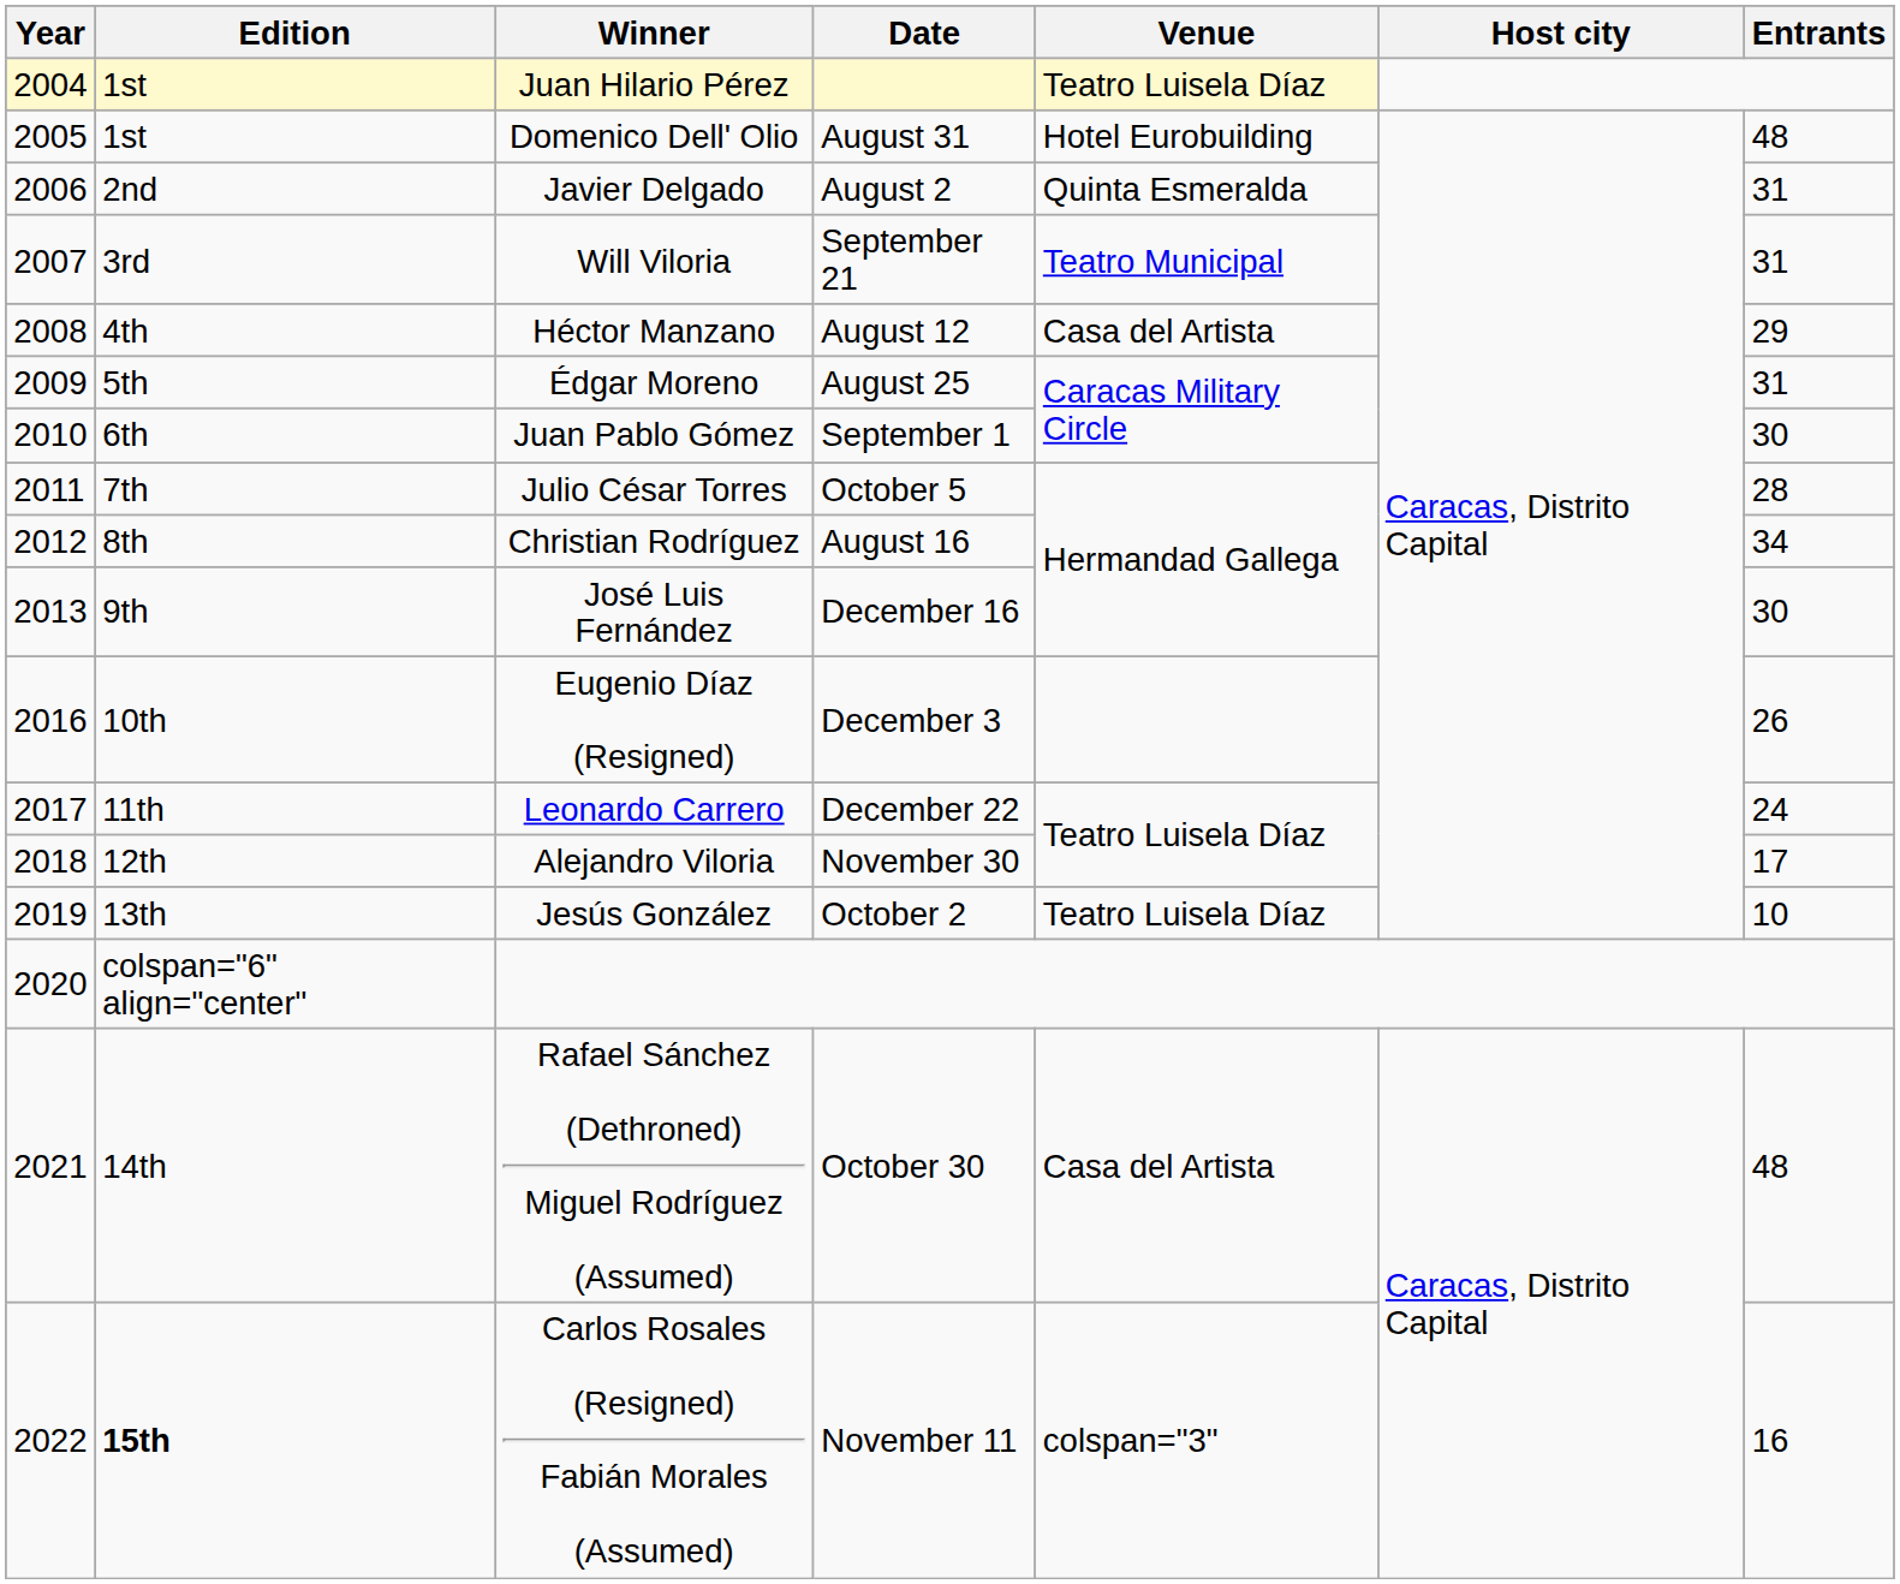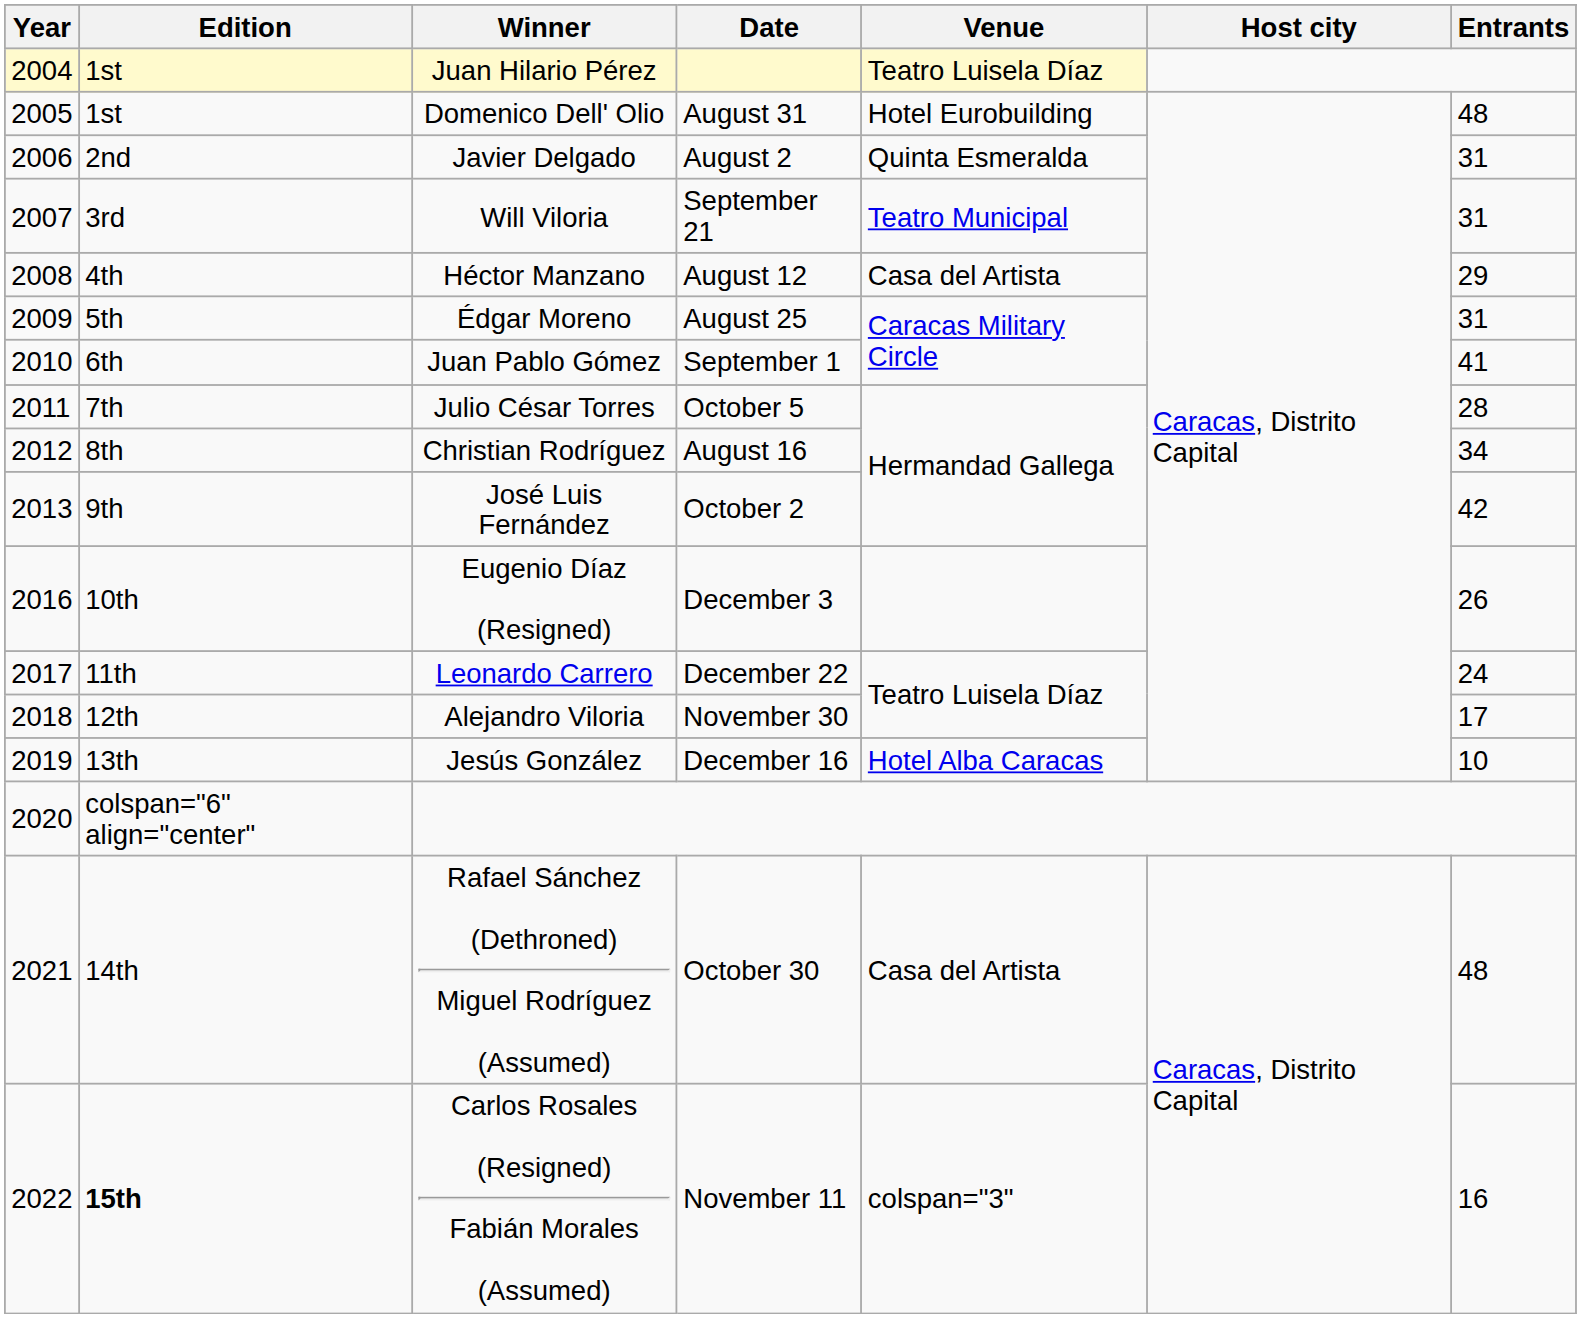 <table class="wikitable sortable" style="font-size: 95%;">
 <tr>
 <th>Year</th>
 <th>Edition</th>
 <th>Winner</th>
 <th>Date</th>
 <th>Venue</th>
 <th>Host city</th>
 <th>Entrants</th>
 </tr>
 <tr style="background: #FFFACD;">
 <td>2004</td>
 <td>1st</td>
 <td align="center">Juan Hilario Pérez<br></td>
 <td></td>
 <td>Teatro Luisela Díaz</td>
 </tr>
 <tr>
 <td>2005</td>
 <td>1st</td>
 <td align="center">Domenico Dell' Olio<br></td>
 <td>August 31</td>
 <td>Hotel Eurobuilding</td>
 <td rowspan="13"><a href='#'>Caracas</a>, Distrito Capital</td>
 <td>48</td>
 </tr>
 <tr>
 <td>2006</td>
 <td>2nd</td>
 <td align="center">Javier Delgado<br></td>
 <td>August 2</td>
 <td>Quinta Esmeralda</td>
 <td>31</td>
 </tr>
 <tr>
 <td>2007</td>
 <td>3rd</td>
 <td align="center">Will Viloria<br></td>
 <td>September 21</td>
 <td><a href='#'>Teatro Municipal</a></td>
 <td>31</td>
 </tr>
 <tr>
 <td>2008</td>
 <td>4th</td>
 <td align="center">Héctor Manzano<br></td>
 <td>August 12</td>
 <td>Casa del Artista</td>
 <td>29</td>
 </tr>
 <tr>
 <td>2009</td>
 <td>5th</td>
 <td align="center">Édgar Moreno<br></td>
 <td>August 25</td>
 <td rowspan="2"><a href='#'>Caracas Military Circle</a></td>
 <td>31</td>
 </tr>
 <tr>
 <td>2010</td>
 <td>6th</td>
 <td align="center">Juan Pablo Gómez<br></td>
 <td>September 1</td>
-<td>30</td>
+<td>41</td>
 </tr>
 <tr>
 <td>2011</td>
 <td>7th</td>
 <td align="center">Julio César Torres<br></td>
 <td>October 5</td>
 <td rowspan="3">Hermandad Gallega</td>
 <td>28</td>
 </tr>
 <tr>
 <td>2012</td>
 <td>8th</td>
 <td align="center">Christian Rodríguez<br></td>
 <td>August 16</td>
 <td>34</td>
 </tr>
 <tr>
 <td>2013</td>
 <td>9th</td>
 <td align="center">José Luis Fernández<br></td>
-<td>December 16</td>
-<td>30</td>
+<td>October 2</td>
+<td>42</td>
 </tr>
 <tr>
 <td>2016</td>
 <td>10th</td>
 <td align="center">Eugenio Díaz<br><br>(Resigned)</td>
 <td>December 3</td>
 <td></td>
 <td>26</td>
 </tr>
 <tr>
 <td>2017</td>
 <td>11th</td>
 <td align="center"><a href='#'>Leonardo Carrero</a><br></td>
 <td>December 22</td>
 <td rowspan="2">Teatro Luisela Díaz</td>
 <td>24</td>
 </tr>
 <tr>
 <td>2018</td>
 <td>12th</td>
 <td align="center">Alejandro Viloria<br></td>
 <td>November 30</td>
 <td>17</td>
 </tr>
 <tr>
 <td>2019</td>
 <td>13th</td>
 <td align="center">Jesús González<br></td>
-<td>October 2</td>
-<td>Teatro Luisela Díaz</td>
+<td>December 16</td>
+<td><a href='#'>Hotel Alba Caracas</a></td>
 <td>10</td>
 </tr>
 <tr>
 <td>2020</td>
 <td>colspan="6" align="center" </td>
 </tr>
 <tr>
 <td>2021</td>
 <td>14th</td>
 <td align="center">Rafael Sánchez<br><br>(Dethroned)<hr>Miguel Rodríguez<br><br>(Assumed)</td>
 <td>October 30</td>
 <td>Casa del Artista</td>
 <td rowspan="2"><a href='#'>Caracas</a>, Distrito Capital</td>
 <td>48</td>
 </tr>
 <tr>
 <td>2022</td>
 <td><strong>15th</strong></td>
 <td align="center">Carlos Rosales<br><br>(Resigned)<hr>Fabián Morales<br><br>(Assumed)</td>
 <td>November 11</td>
 <td>colspan="3" </td>
 <td>16</td>
 </tr>
 </table>
